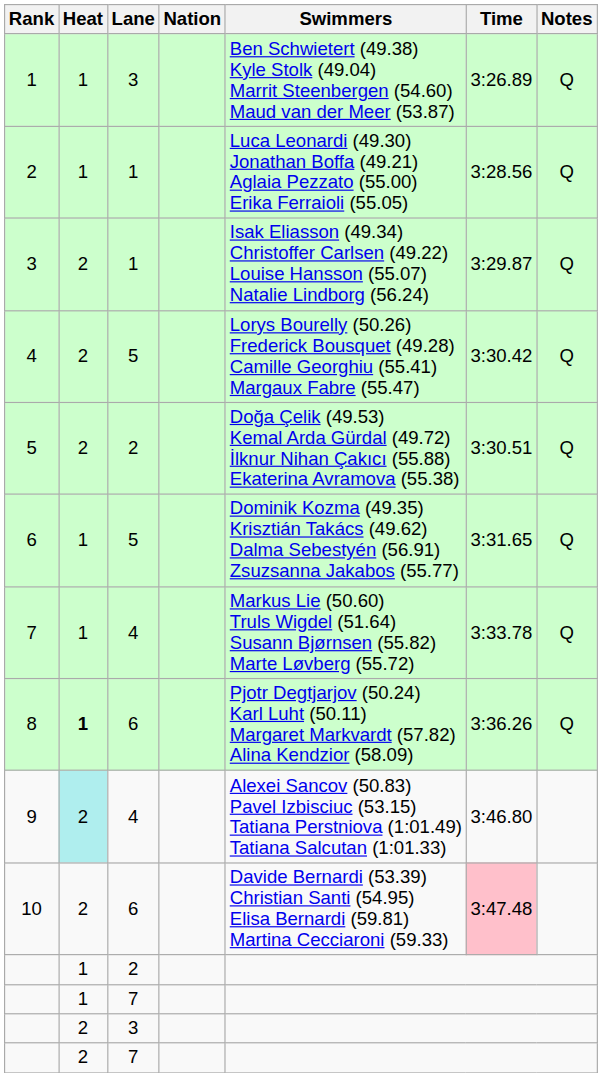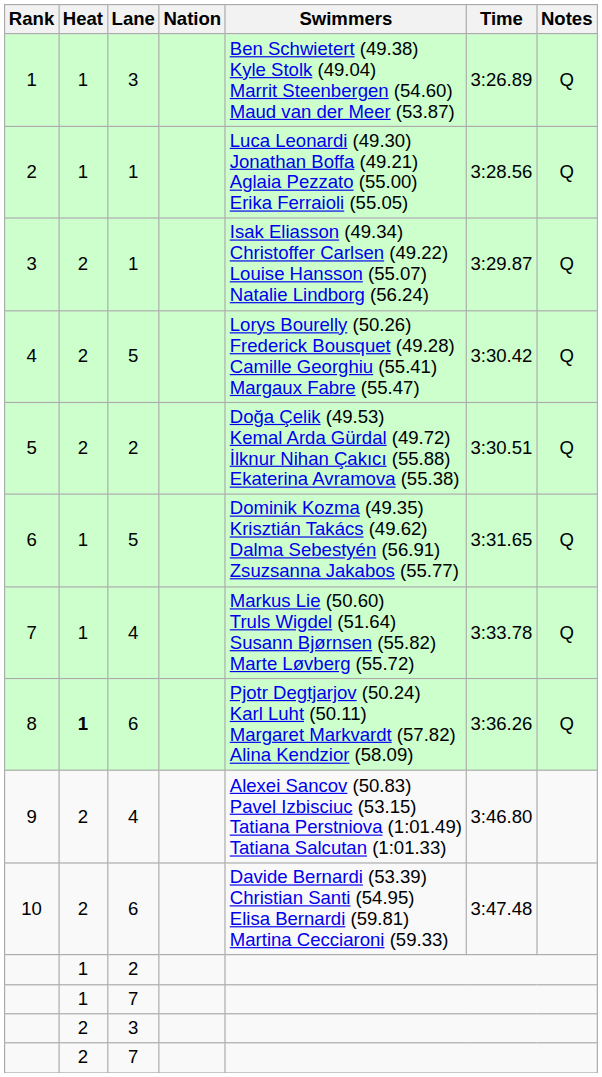 <table class="wikitable sortable" style="text-align:center">
 <tr>
 <th>Rank</th>
 <th>Heat</th>
 <th>Lane</th>
 <th>Nation</th>
 <th>Swimmers</th>
 <th>Time</th>
 <th>Notes</th>
 </tr>
 <tr bgcolor=ccffcc>
 <td>1</td>
 <td>1</td>
 <td>3</td>
 <td align=left></td>
 <td align=left><a href='#'>Ben Schwietert</a> (49.38)<br><a href='#'>Kyle Stolk</a> (49.04)<br><a href='#'>Marrit Steenbergen</a> (54.60)<br><a href='#'>Maud van der Meer</a> (53.87)</td>
 <td>3:26.89</td>
 <td>Q</td>
 </tr>
 <tr bgcolor=ccffcc>
 <td>2</td>
 <td>1</td>
 <td>1</td>
 <td align=left></td>
 <td align=left><a href='#'>Luca Leonardi</a> (49.30)<br><a href='#'>Jonathan Boffa</a> (49.21)<br><a href='#'>Aglaia Pezzato</a> (55.00)<br><a href='#'>Erika Ferraioli</a> (55.05)</td>
 <td>3:28.56</td>
 <td>Q</td>
 </tr>
 <tr bgcolor=ccffcc>
 <td>3</td>
 <td>2</td>
 <td>1</td>
 <td align=left></td>
 <td align=left><a href='#'>Isak Eliasson</a> (49.34)<br><a href='#'>Christoffer Carlsen</a> (49.22)<br><a href='#'>Louise Hansson</a> (55.07)<br><a href='#'>Natalie Lindborg</a> (56.24)</td>
 <td>3:29.87</td>
 <td>Q</td>
 </tr>
 <tr bgcolor=ccffcc>
 <td>4</td>
 <td>2</td>
 <td>5</td>
 <td align=left></td>
 <td align=left><a href='#'>Lorys Bourelly</a> (50.26)<br><a href='#'>Frederick Bousquet</a> (49.28)<br><a href='#'>Camille Georghiu</a> (55.41)<br><a href='#'>Margaux Fabre</a> (55.47)</td>
 <td>3:30.42</td>
 <td>Q</td>
 </tr>
 <tr bgcolor=ccffcc>
 <td>5</td>
 <td>2</td>
 <td>2</td>
 <td align=left></td>
 <td align=left><a href='#'>Doğa Çelik</a> (49.53)<br><a href='#'>Kemal Arda Gürdal</a> (49.72)<br><a href='#'>İlknur Nihan Çakıcı</a> (55.88)<br><a href='#'>Ekaterina Avramova</a> (55.38)</td>
 <td>3:30.51</td>
 <td>Q</td>
 </tr>
 <tr bgcolor=ccffcc>
 <td>6</td>
 <td>1</td>
 <td>5</td>
 <td align=left></td>
 <td align=left><a href='#'>Dominik Kozma</a> (49.35)<br><a href='#'>Krisztián Takács</a> (49.62)<br><a href='#'>Dalma Sebestyén</a> (56.91)<br><a href='#'>Zsuzsanna Jakabos</a> (55.77)</td>
 <td>3:31.65</td>
 <td>Q</td>
 </tr>
 <tr bgcolor=ccffcc>
 <td>7</td>
 <td>1</td>
 <td>4</td>
 <td align=left></td>
 <td align=left><a href='#'>Markus Lie</a> (50.60)<br><a href='#'>Truls Wigdel</a> (51.64)<br><a href='#'>Susann Bjørnsen</a> (55.82)<br><a href='#'>Marte Løvberg</a> (55.72)</td>
 <td>3:33.78</td>
 <td>Q</td>
 </tr>
 <tr bgcolor=ccffcc>
 <td>8</td>
 <td><strong>1</strong></td>
 <td>6</td>
 <td align=left></td>
 <td align=left><a href='#'>Pjotr Degtjarjov</a> (50.24)<br><a href='#'>Karl Luht</a> (50.11)<br><a href='#'>Margaret Markvardt</a> (57.82)<br><a href='#'>Alina Kendzior</a> (58.09)</td>
 <td>3:36.26</td>
 <td>Q</td>
 </tr>
 <tr>
 <td>9</td>
-<td style="background: paleturquoise;">2</td>
+<td>2</td>
 <td>4</td>
 <td align=left></td>
 <td align=left><a href='#'>Alexei Sancov</a> (50.83)<br><a href='#'>Pavel Izbisciuc</a> (53.15)<br><a href='#'>Tatiana Perstniova</a> (1:01.49)<br><a href='#'>Tatiana Salcutan</a> (1:01.33)</td>
 <td>3:46.80</td>
 <td></td>
 </tr>
 <tr>
 <td>10</td>
 <td>2</td>
 <td>6</td>
 <td align=left></td>
 <td align=left><a href='#'>Davide Bernardi</a> (53.39)<br><a href='#'>Christian Santi</a> (54.95)<br><a href='#'>Elisa Bernardi</a> (59.81)<br><a href='#'>Martina Cecciaroni</a> (59.33)</td>
-<td style="background: pink;">3:47.48</td>
+<td>3:47.48</td>
 <td></td>
 </tr>
 <tr>
 <td></td>
 <td>1</td>
 <td>2</td>
 <td align=left></td>
 <td colspan=3></td>
 </tr>
 <tr>
 <td></td>
 <td>1</td>
 <td>7</td>
 <td align=left></td>
 <td colspan=3></td>
 </tr>
 <tr>
 <td></td>
 <td>2</td>
 <td>3</td>
 <td align=left></td>
 <td colspan=3></td>
 </tr>
 <tr>
 <td></td>
 <td>2</td>
 <td>7</td>
 <td align=left></td>
 <td colspan=3></td>
 </tr>
 </table>
